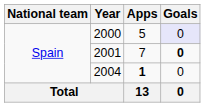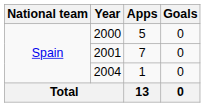 <table class="wikitable" style="text-align:center">
 <tr>
 <th>National team</th>
 <th>Year</th>
 <th>Apps</th>
 <th>Goals</th>
 </tr>
 <tr>
 <td rowspan="3"><a href='#'>Spain</a></td>
 <td>2000</td>
 <td>5</td>
-<td style="background: lavender;">0</td>
+<td>0</td>
 </tr>
 <tr>
 <td>2001</td>
 <td>7</td>
-<td><strong>0</strong></td>
+<td>0</td>
 </tr>
 <tr>
 <td>2004</td>
-<td><strong>1</strong></td>
+<td>1</td>
 <td>0</td>
 </tr>
 <tr>
 <th colspan="2">Total</th>
 <th>13</th>
 <th>0</th>
 </tr>
 </table>
